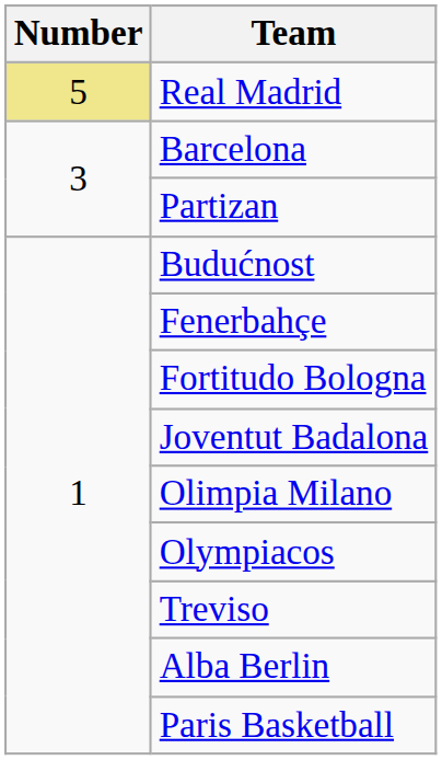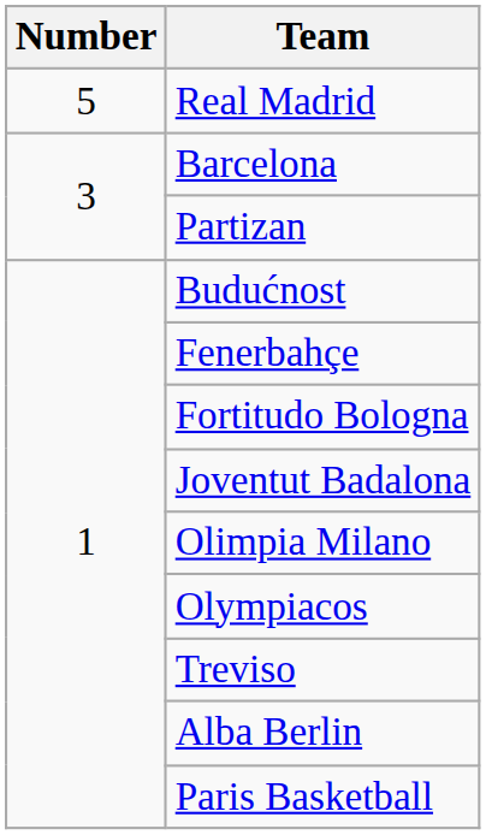 <table class="wikitable sortable">
 <tr>
 <th>Number</th>
 <th>Team</th>
 </tr>
 <tr>
-<td style="background: khaki; text-align:center;">5</td>
+<td style="text-align:center;">5</td>
 <td> <a href='#'>Real Madrid</a></td>
 </tr>
 <tr>
 <td style="text-align:center;" rowspan=2>3</td>
 <td> <a href='#'>Barcelona</a></td>
 </tr>
 <tr>
 <td> <a href='#'>Partizan</a></td>
 </tr>
 <tr>
 <td rowspan="9" style="text-align:center;">1</td>
 <td> <a href='#'>Budućnost</a></td>
 </tr>
 <tr>
 <td> <a href='#'>Fenerbahçe</a></td>
 </tr>
 <tr>
 <td> <a href='#'>Fortitudo Bologna</a></td>
 </tr>
 <tr>
 <td> <a href='#'>Joventut Badalona</a></td>
 </tr>
 <tr>
 <td> <a href='#'>Olimpia Milano</a></td>
 </tr>
 <tr>
 <td> <a href='#'>Olympiacos</a></td>
 </tr>
 <tr>
 <td> <a href='#'>Treviso</a></td>
 </tr>
 <tr>
 <td> <a href='#'>Alba Berlin</a></td>
 </tr>
 <tr>
 <td> <a href='#'>Paris Basketball</a></td>
 </tr>
 </table>
